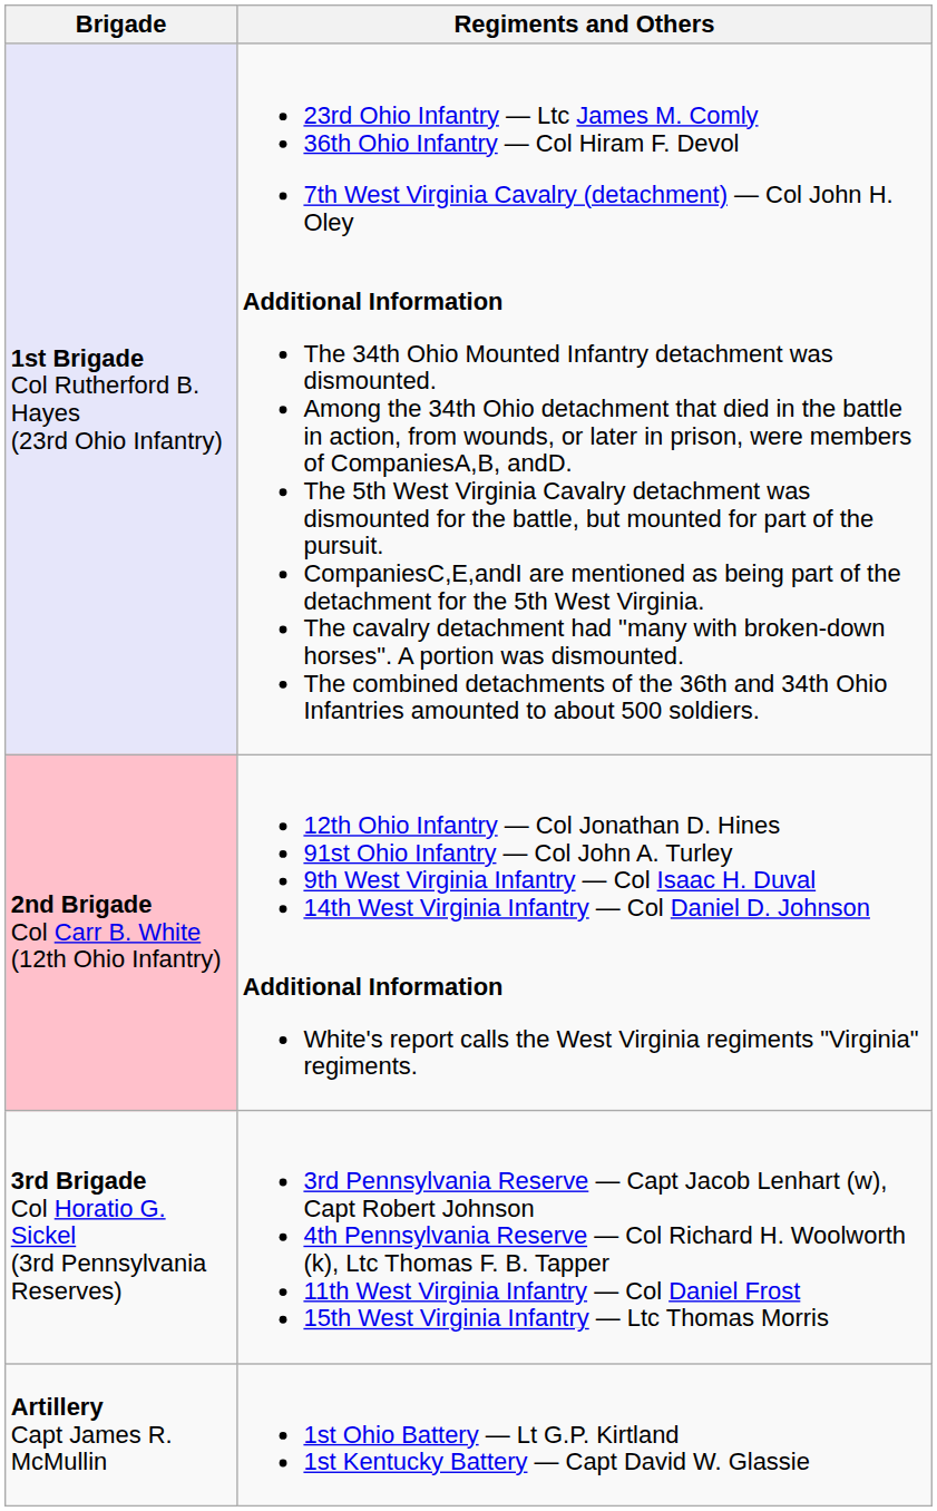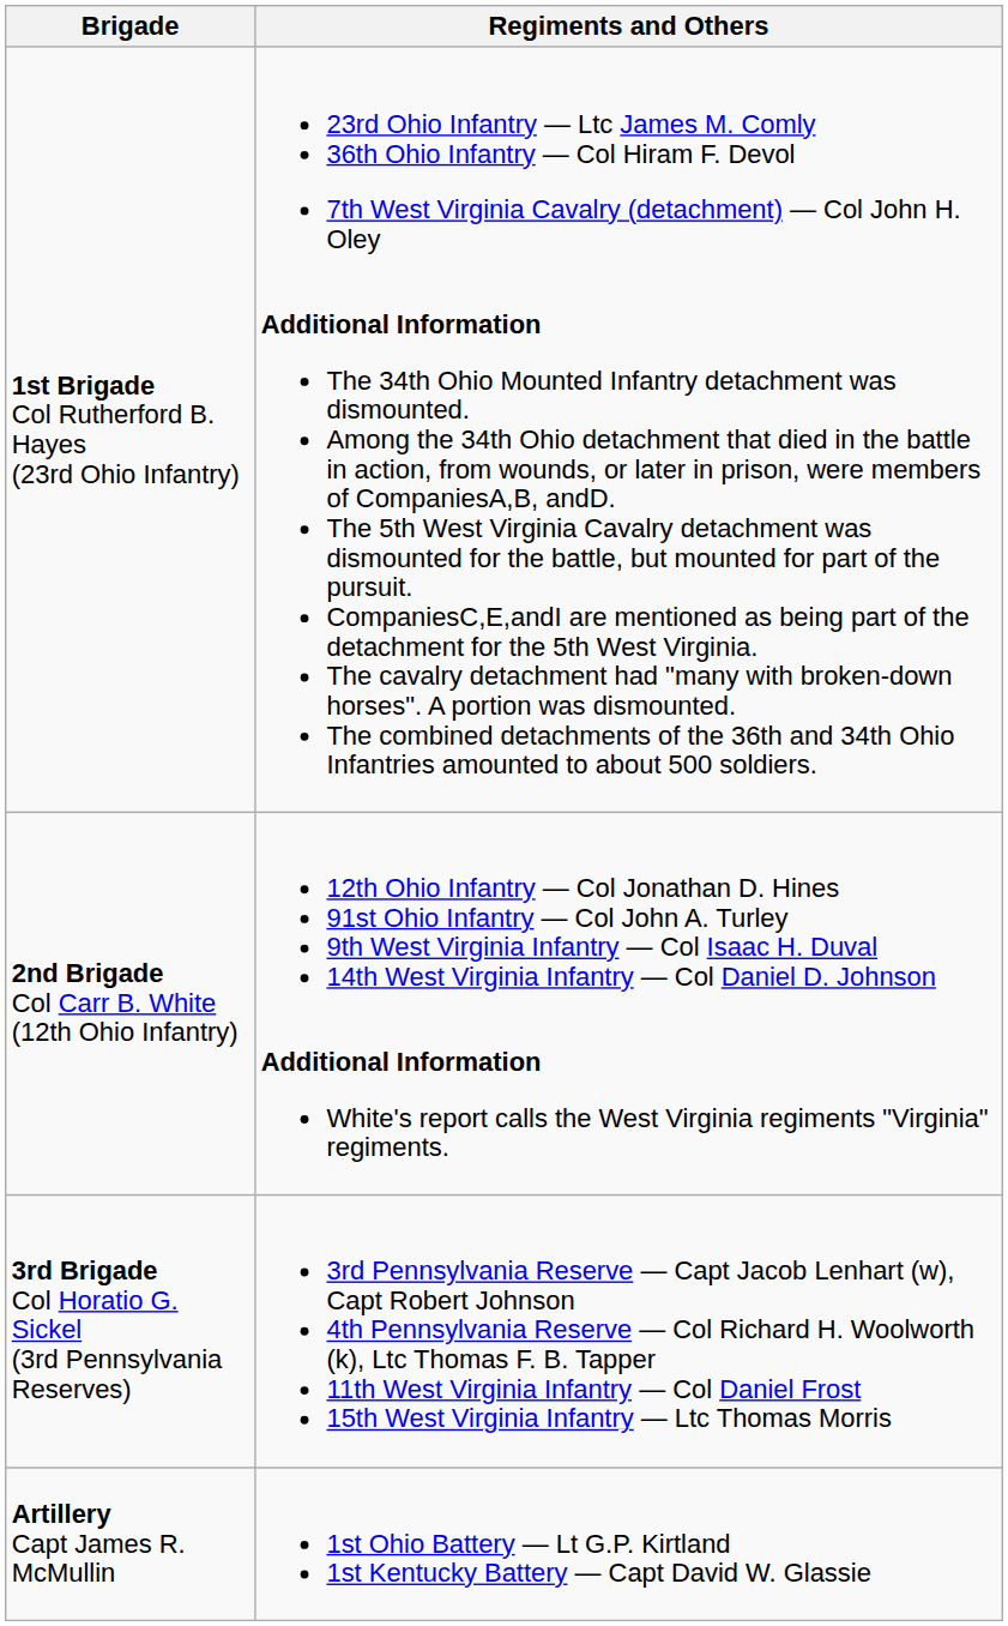 <table class="wikitable">
 <tr>
 <th width=25%>Brigade</th>
 <th>Regiments and Others</th>
 </tr>
 <tr>
-<td style="background: lavender;"><strong>1st Brigade</strong><br>Col Rutherford B. Hayes<br>(23rd Ohio Infantry)</td>
+<td><strong>1st Brigade</strong><br>Col Rutherford B. Hayes<br>(23rd Ohio Infantry)</td>
 <td><br><ul><li><a href='#'>23rd Ohio Infantry</a> — Ltc <a href='#'>James M. Comly</a></li><li><a href='#'>36th Ohio Infantry</a> — Col Hiram F. Devol</li></ul><ul><li><a href='#'>7th West Virginia Cavalry (detachment)</a> — Col John H. Oley</li></ul><br> <strong>Additional Information</strong><ul><li>The 34th Ohio Mounted Infantry detachment was dismounted.</li><li>Among the 34th Ohio detachment that died in the battle in action, from wounds, or later in prison, were members of CompaniesA,B, andD.</li><li>The 5th West Virginia Cavalry detachment was dismounted for the battle, but mounted for part of the pursuit.</li><li>CompaniesC,E,andI are mentioned as being part of the detachment for the 5th West Virginia.</li><li>The cavalry detachment had "many with broken-down horses". A portion was dismounted.</li><li>The combined detachments of the 36th and 34th Ohio Infantries amounted to about 500 soldiers.</li></ul></td>
 </tr>
 <tr>
-<td style="background: pink;"><strong>2nd Brigade</strong><br>Col <a href='#'>Carr B. White</a><br>(12th Ohio Infantry)</td>
+<td><strong>2nd Brigade</strong><br>Col <a href='#'>Carr B. White</a><br>(12th Ohio Infantry)</td>
 <td><br><ul><li><a href='#'>12th Ohio Infantry</a> — Col Jonathan D. Hines</li><li><a href='#'>91st Ohio Infantry</a> — Col John A. Turley</li><li><a href='#'>9th West Virginia Infantry</a> — Col <a href='#'>Isaac H. Duval</a></li><li><a href='#'>14th West Virginia Infantry</a> — Col <a href='#'>Daniel D. Johnson</a></li></ul><br> <strong>Additional Information</strong><ul><li>White's report calls the West Virginia regiments "Virginia" regiments.</li></ul></td>
 </tr>
 <tr>
 <td><strong>3rd Brigade</strong><br>Col <a href='#'>Horatio G. Sickel</a><br>(3rd Pennsylvania Reserves)</td>
 <td><br><ul><li><a href='#'>3rd Pennsylvania Reserve</a> — Capt Jacob Lenhart (w), Capt Robert Johnson</li><li><a href='#'>4th Pennsylvania Reserve</a> — Col Richard H. Woolworth (k), Ltc Thomas F. B. Tapper</li><li><a href='#'>11th West Virginia Infantry</a> — Col <a href='#'>Daniel Frost</a></li><li><a href='#'>15th West Virginia Infantry</a> — Ltc Thomas Morris</li></ul></td>
 </tr>
 <tr>
 <td><strong>Artillery</strong><br>Capt James R. McMullin</td>
 <td><br><ul><li><a href='#'>1st Ohio Battery</a> — Lt G.P. Kirtland</li><li><a href='#'>1st Kentucky Battery</a> — Capt David W. Glassie</li></ul></td>
 </tr>
 </table>
